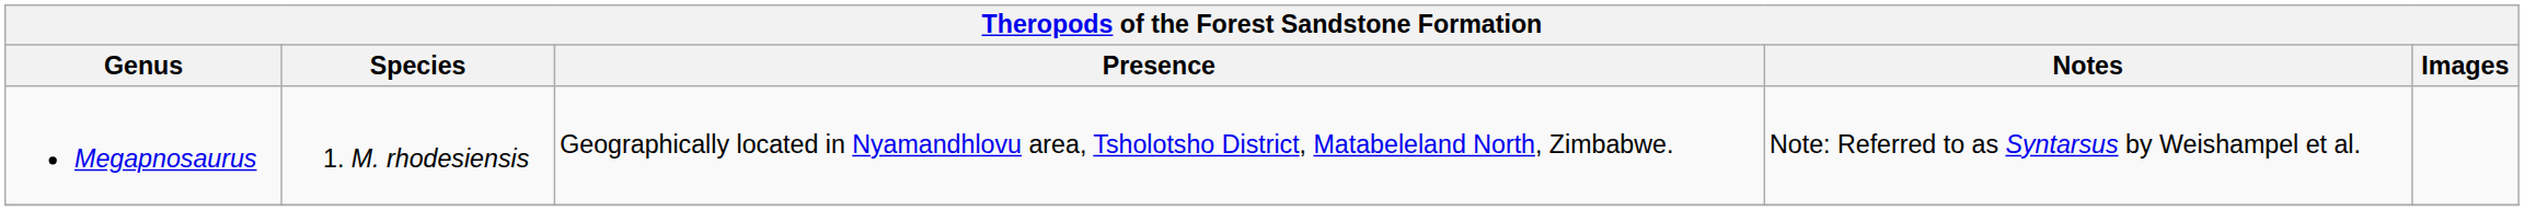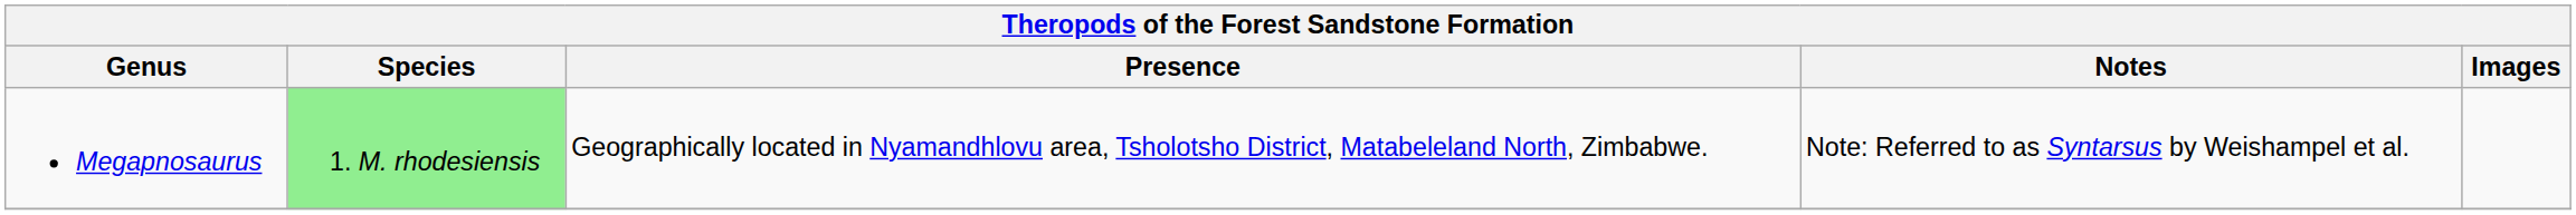 <table class="wikitable" align="center" width="100%">
 <tr>
 <th colspan="5" align="center"><strong><a href='#'>Theropods</a> of the Forest Sandstone Formation</strong></th>
 </tr>
 <tr>
 <th>Genus</th>
 <th>Species</th>
 <th>Presence</th>
 <th>Notes</th>
 <th>Images</th>
 </tr>
 <tr>
 <td><br><ul><li><em><a href='#'>Megapnosaurus</a></em></li></ul></td>
-<td><br><ol><li><em>M. rhodesiensis</em></li></ol></td>
+<td style="background: lightgreen;"><br><ol><li><em>M. rhodesiensis</em></li></ol></td>
 <td>Geographically located in <a href='#'>Nyamandhlovu</a> area, <a href='#'>Tsholotsho District</a>, <a href='#'>Matabeleland North</a>, Zimbabwe.</td>
 <td>Note: Referred to as <em><a href='#'>Syntarsus</a></em> by Weishampel et al.</td>
 <td></td>
 </tr>
 <tr>
 </tr>
 </table>
